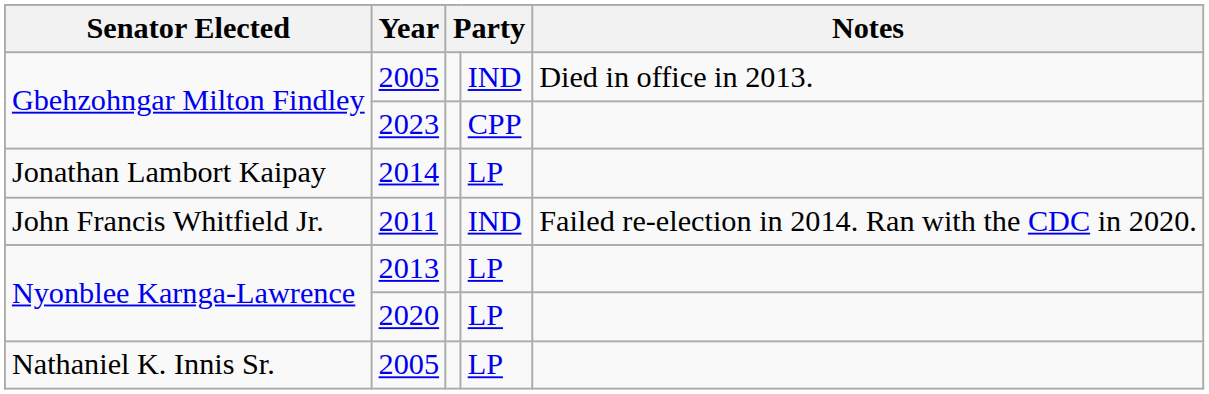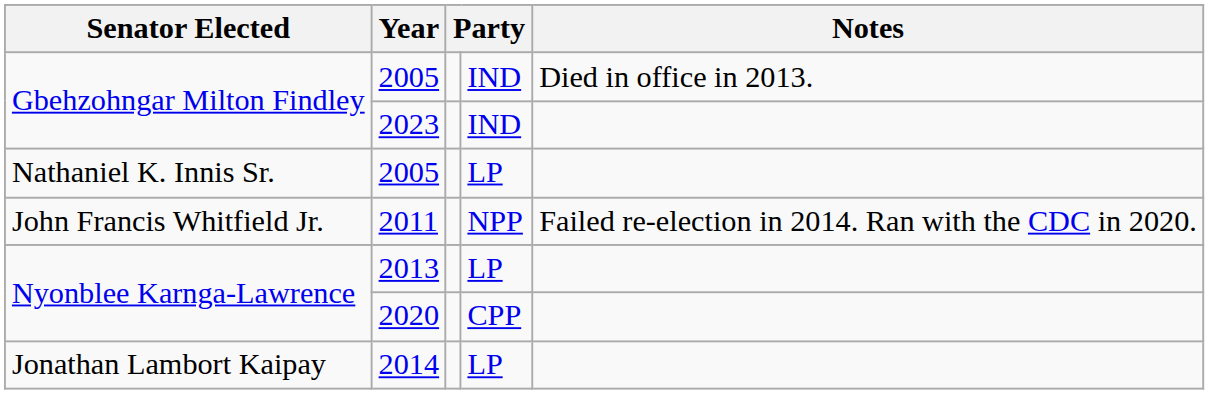 <table class="wikitable">
 <tr>
 <th>Senator Elected</th>
 <th>Year</th>
 <th colspan=2>Party</th>
 <th>Notes</th>
 </tr>
 <tr>
 <td rowspan=2><a href='#'>Gbehzohngar Milton Findley</a></td>
 <td><a href='#'>2005</a></td>
 <td></td>
 <td><a href='#'>IND</a></td>
 <td>Died in office in 2013.</td>
 </tr>
 <tr>
 <td><a href='#'>2023</a></td>
 <td></td>
-<td><a href='#'>CPP</a></td>
+<td><a href='#'>IND</a></td>
 <td></td>
 </tr>
 <tr>
-<td>Jonathan Lambort Kaipay</td>
-<td><a href='#'>2014</a></td>
+<td>Nathaniel K. Innis Sr.</td>
+<td><a href='#'>2005</a></td>
 <td></td>
 <td><a href='#'>LP</a></td>
 <td></td>
 </tr>
 <tr>
 <td>John Francis Whitfield Jr.</td>
 <td><a href='#'>2011</a></td>
 <td></td>
-<td><a href='#'>IND</a></td>
+<td><a href='#'>NPP</a></td>
 <td>Failed re-election in 2014. Ran with the <a href='#'>CDC</a> in 2020.</td>
 </tr>
 <tr>
 <td rowspan=2><a href='#'>Nyonblee Karnga-Lawrence</a></td>
 <td><a href='#'>2013</a></td>
 <td></td>
 <td><a href='#'>LP</a></td>
 <td></td>
 </tr>
 <tr>
 <td><a href='#'>2020</a></td>
 <td></td>
-<td><a href='#'>LP</a></td>
+<td><a href='#'>CPP</a></td>
 <td></td>
 </tr>
 <tr>
-<td>Nathaniel K. Innis Sr.</td>
-<td><a href='#'>2005</a></td>
+<td>Jonathan Lambort Kaipay</td>
+<td><a href='#'>2014</a></td>
 <td></td>
 <td><a href='#'>LP</a></td>
 <td></td>
 </tr>
 </table>
